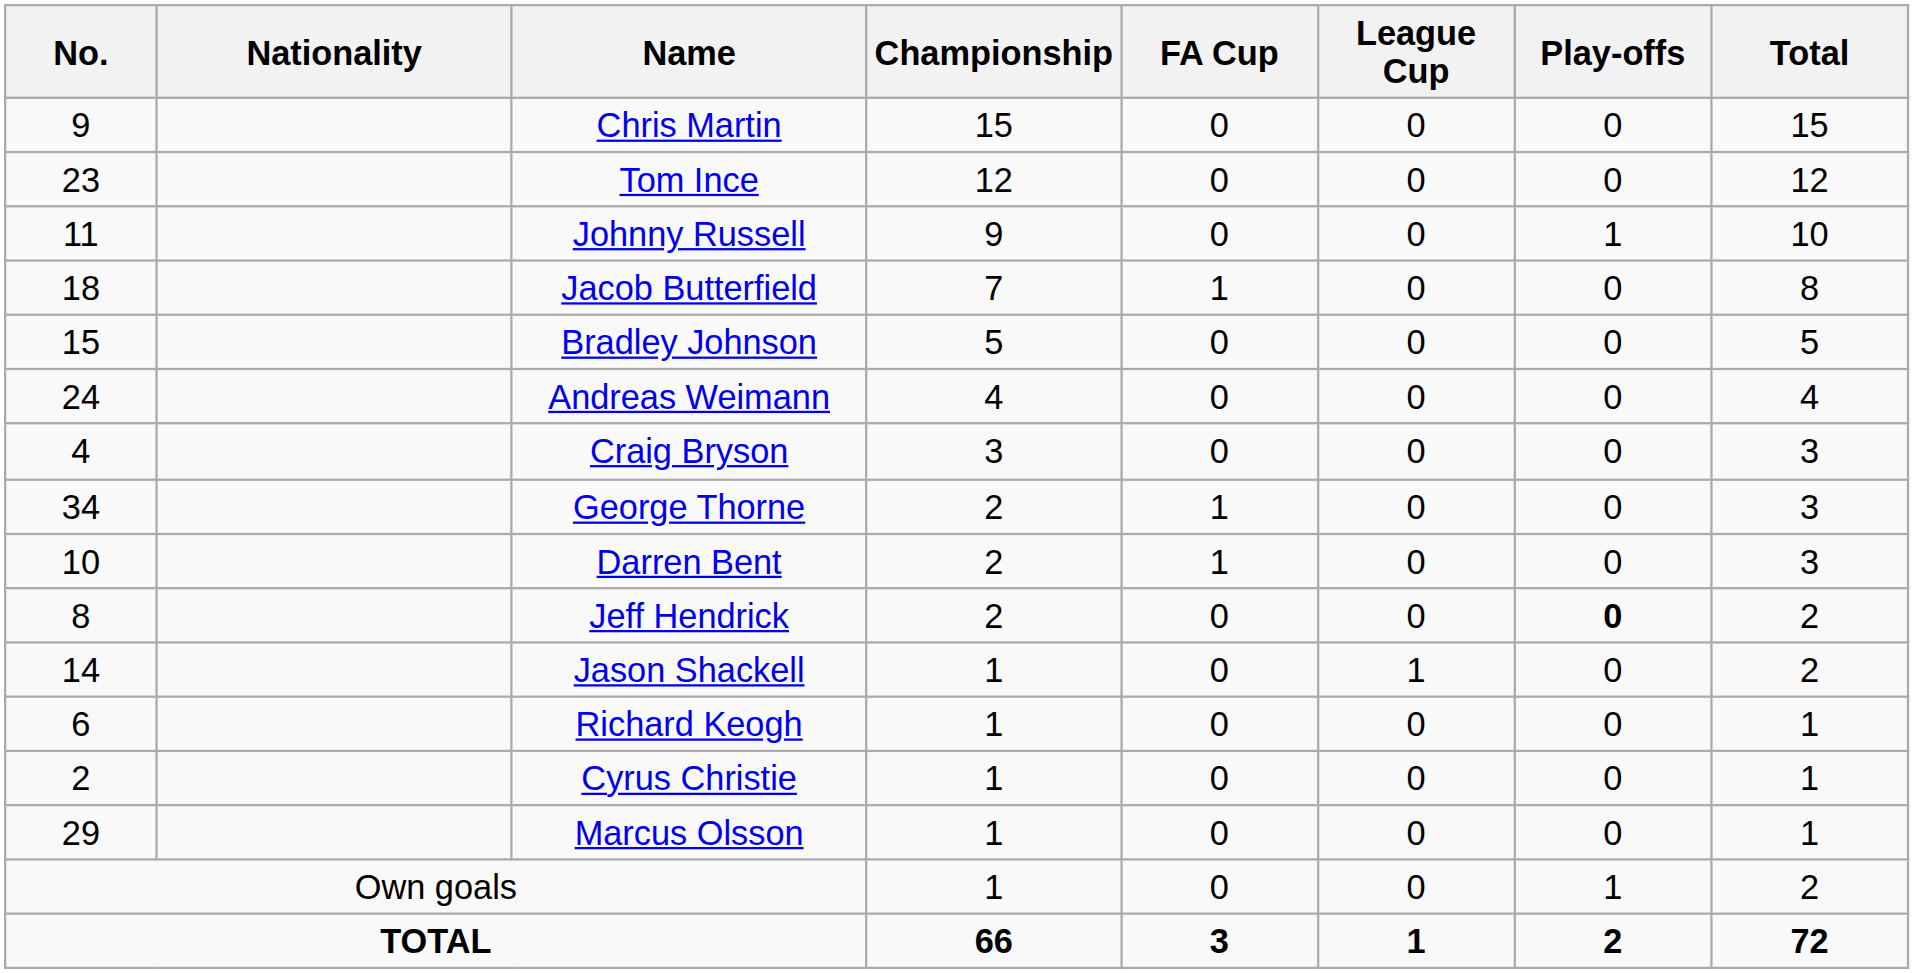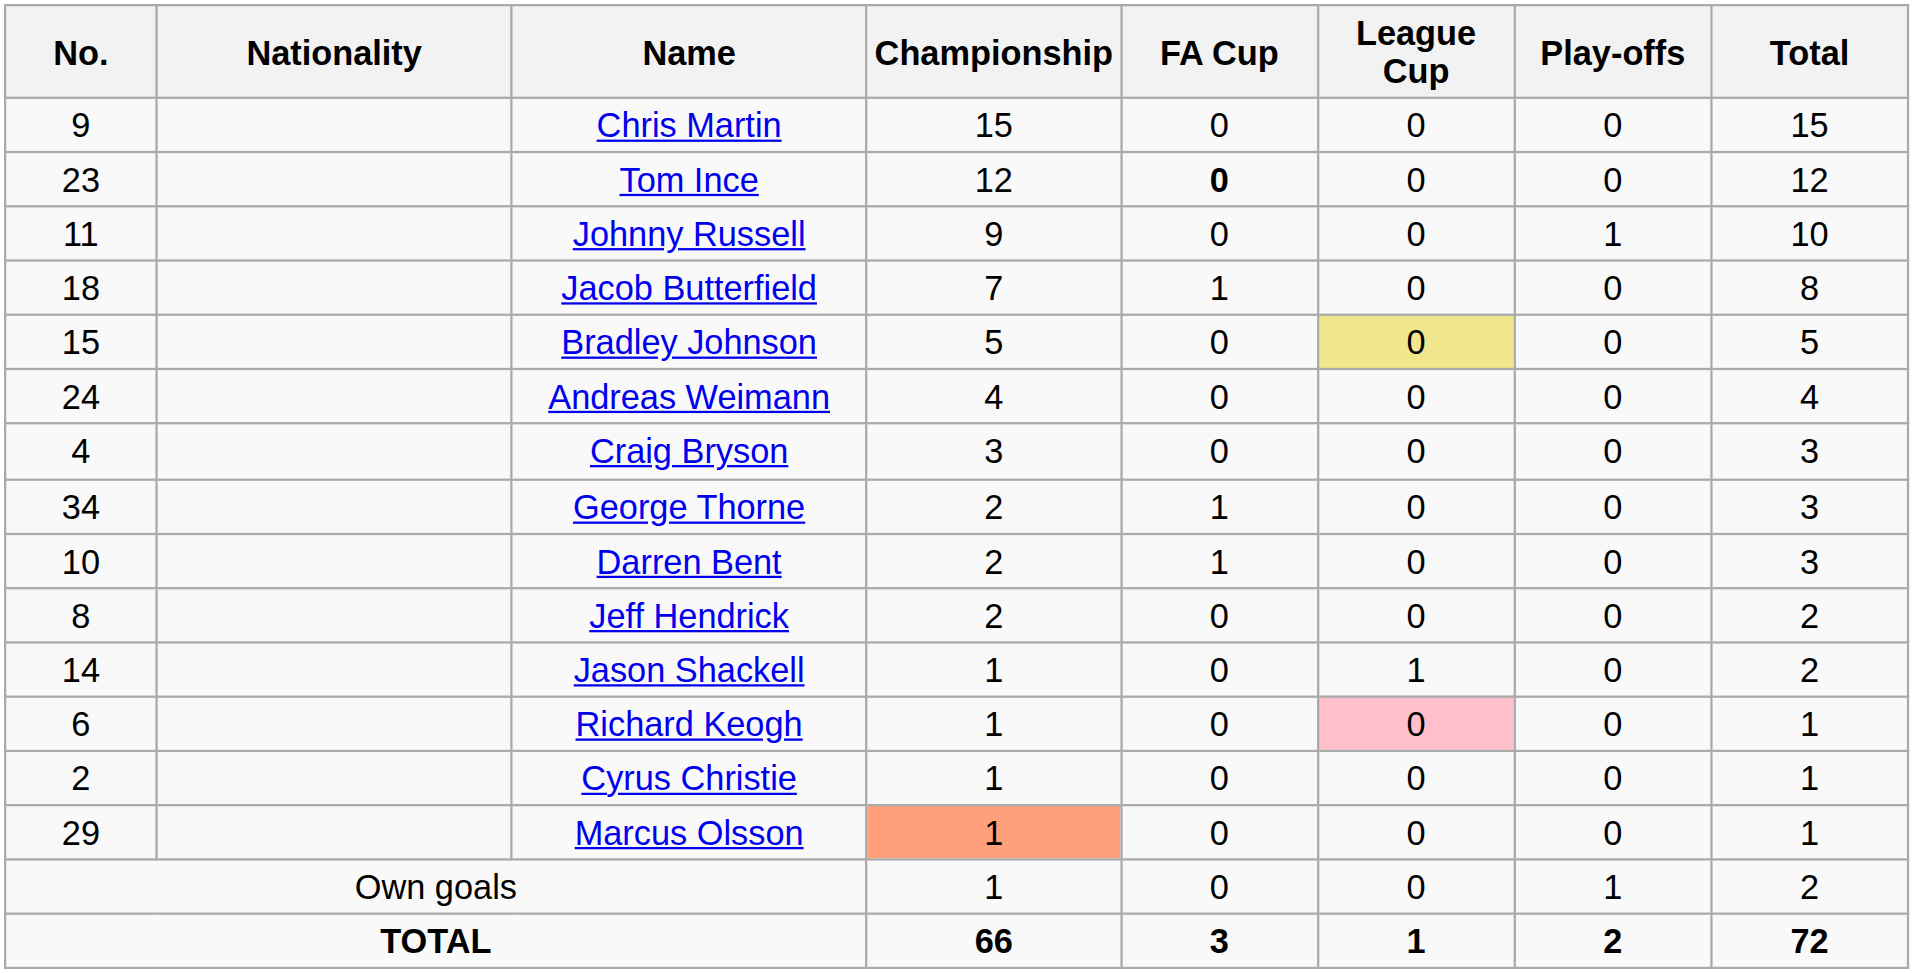 <table class="wikitable" style="font-size: 95%; text-align: center;">
 <tr>
 <th width=60>No.</th>
 <th width=150>Nationality</th>
 <th width=150>Name</th>
 <th width=80>Championship</th>
 <th width=80>FA Cup</th>
 <th width=80>League Cup</th>
 <th width=80>Play-offs</th>
 <th width=80>Total</th>
 </tr>
 <tr>
 <td>9</td>
 <td></td>
 <td><a href='#'>Chris Martin</a></td>
 <td>15</td>
 <td>0</td>
 <td>0</td>
 <td>0</td>
 <td>15</td>
 </tr>
 <tr>
 <td>23</td>
 <td></td>
 <td><a href='#'>Tom Ince</a></td>
 <td>12</td>
-<td>0</td>
+<td><strong>0</strong></td>
 <td>0</td>
 <td>0</td>
 <td>12</td>
 </tr>
 <tr>
 <td>11</td>
 <td></td>
 <td><a href='#'>Johnny Russell</a></td>
 <td>9</td>
 <td>0</td>
 <td>0</td>
 <td>1</td>
 <td>10</td>
 </tr>
 <tr>
 <td>18</td>
 <td></td>
 <td><a href='#'>Jacob Butterfield</a></td>
 <td>7</td>
 <td>1</td>
 <td>0</td>
 <td>0</td>
 <td>8</td>
 </tr>
 <tr>
 <td>15</td>
 <td></td>
 <td><a href='#'>Bradley Johnson</a></td>
 <td>5</td>
 <td>0</td>
-<td>0</td>
+<td style="background: khaki;">0</td>
 <td>0</td>
 <td>5</td>
 </tr>
 <tr>
 <td>24</td>
 <td></td>
 <td><a href='#'>Andreas Weimann</a></td>
 <td>4</td>
 <td>0</td>
 <td>0</td>
 <td>0</td>
 <td>4</td>
 </tr>
 <tr>
 <td>4</td>
 <td></td>
 <td><a href='#'>Craig Bryson</a></td>
 <td>3</td>
 <td>0</td>
 <td>0</td>
 <td>0</td>
 <td>3</td>
 </tr>
 <tr>
 <td>34</td>
 <td></td>
 <td><a href='#'>George Thorne</a></td>
 <td>2</td>
 <td>1</td>
 <td>0</td>
 <td>0</td>
 <td>3</td>
 </tr>
 <tr>
 <td>10</td>
 <td></td>
 <td><a href='#'>Darren Bent</a></td>
 <td>2</td>
 <td>1</td>
 <td>0</td>
 <td>0</td>
 <td>3</td>
 </tr>
 <tr>
 <td>8</td>
 <td></td>
 <td><a href='#'>Jeff Hendrick</a></td>
 <td>2</td>
 <td>0</td>
 <td>0</td>
-<td><strong>0</strong></td>
+<td>0</td>
 <td>2</td>
 </tr>
 <tr>
 <td>14</td>
 <td></td>
 <td><a href='#'>Jason Shackell</a></td>
 <td>1</td>
 <td>0</td>
 <td>1</td>
 <td>0</td>
 <td>2</td>
 </tr>
 <tr>
 <td>6</td>
 <td></td>
 <td><a href='#'>Richard Keogh</a></td>
 <td>1</td>
 <td>0</td>
-<td>0</td>
+<td style="background: pink;">0</td>
 <td>0</td>
 <td>1</td>
 </tr>
 <tr>
 <td>2</td>
 <td></td>
 <td><a href='#'>Cyrus Christie</a></td>
 <td>1</td>
 <td>0</td>
 <td>0</td>
 <td>0</td>
 <td>1</td>
 </tr>
 <tr>
 <td>29</td>
 <td></td>
 <td><a href='#'>Marcus Olsson</a></td>
-<td>1</td>
+<td style="background: lightsalmon;">1</td>
 <td>0</td>
 <td>0</td>
 <td>0</td>
 <td>1</td>
 </tr>
 <tr>
 <td colspan="3">Own goals</td>
 <td>1</td>
 <td>0</td>
 <td>0</td>
 <td>1</td>
 <td>2</td>
 </tr>
 <tr>
 <td colspan="3"><strong>TOTAL</strong></td>
 <td><strong>66</strong></td>
 <td><strong>3</strong></td>
 <td><strong>1</strong></td>
 <td><strong>2</strong></td>
 <td><strong>72</strong></td>
 </tr>
 </table>
